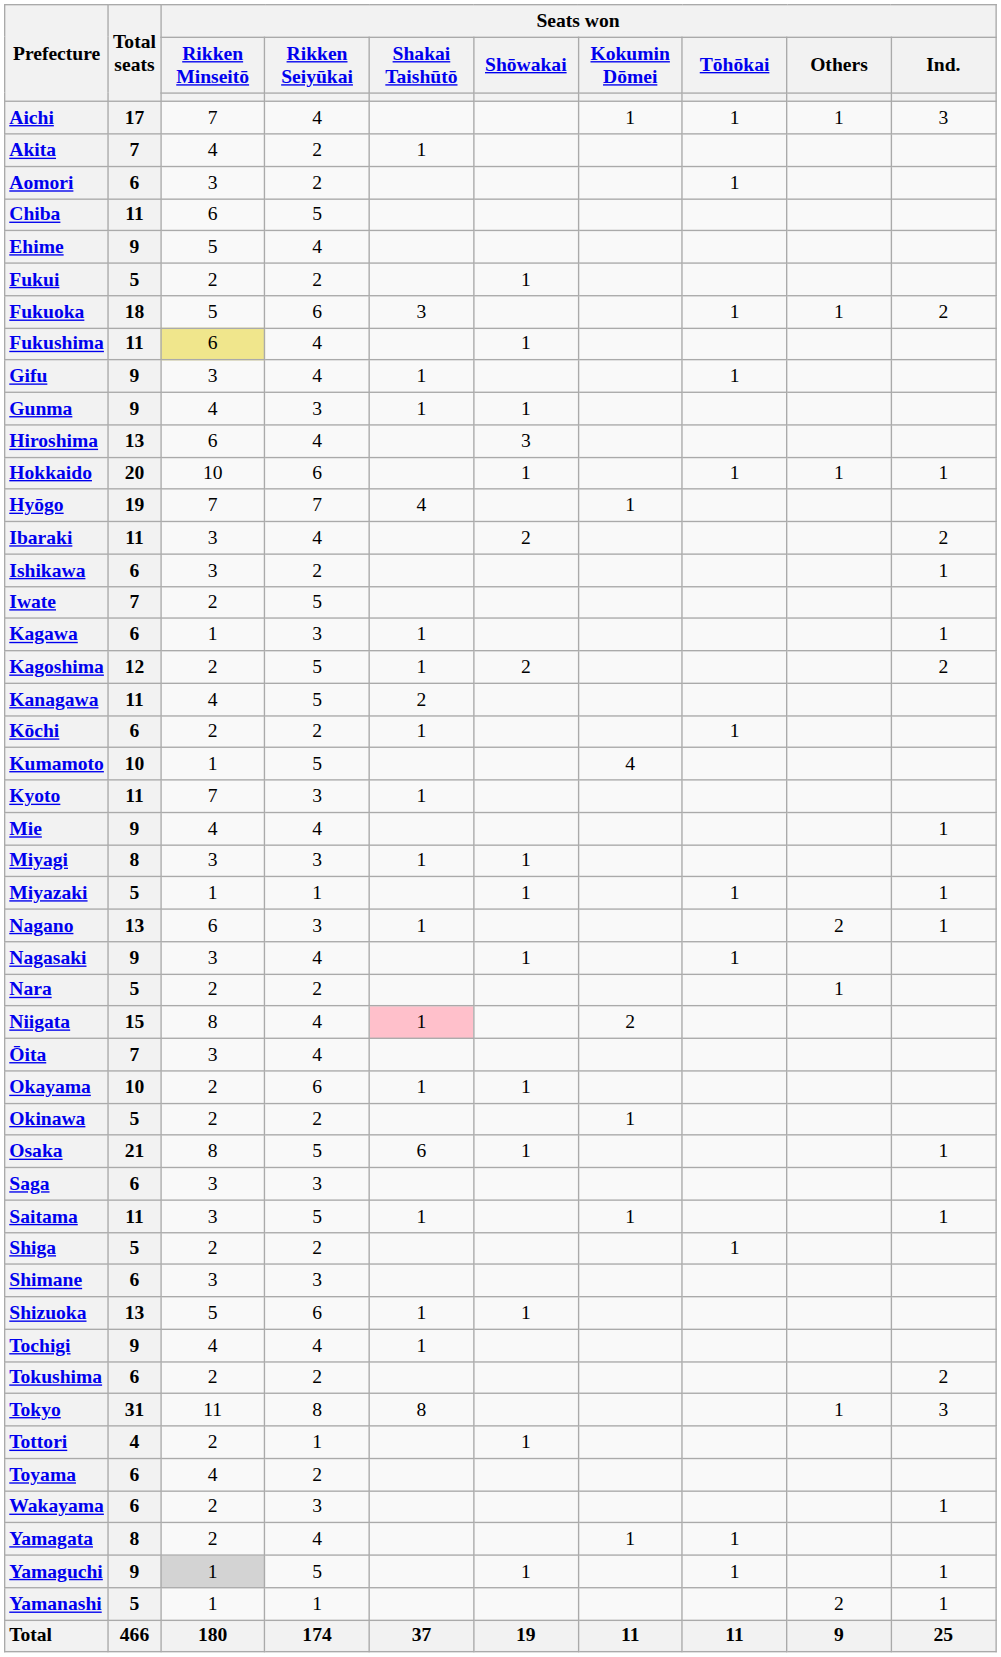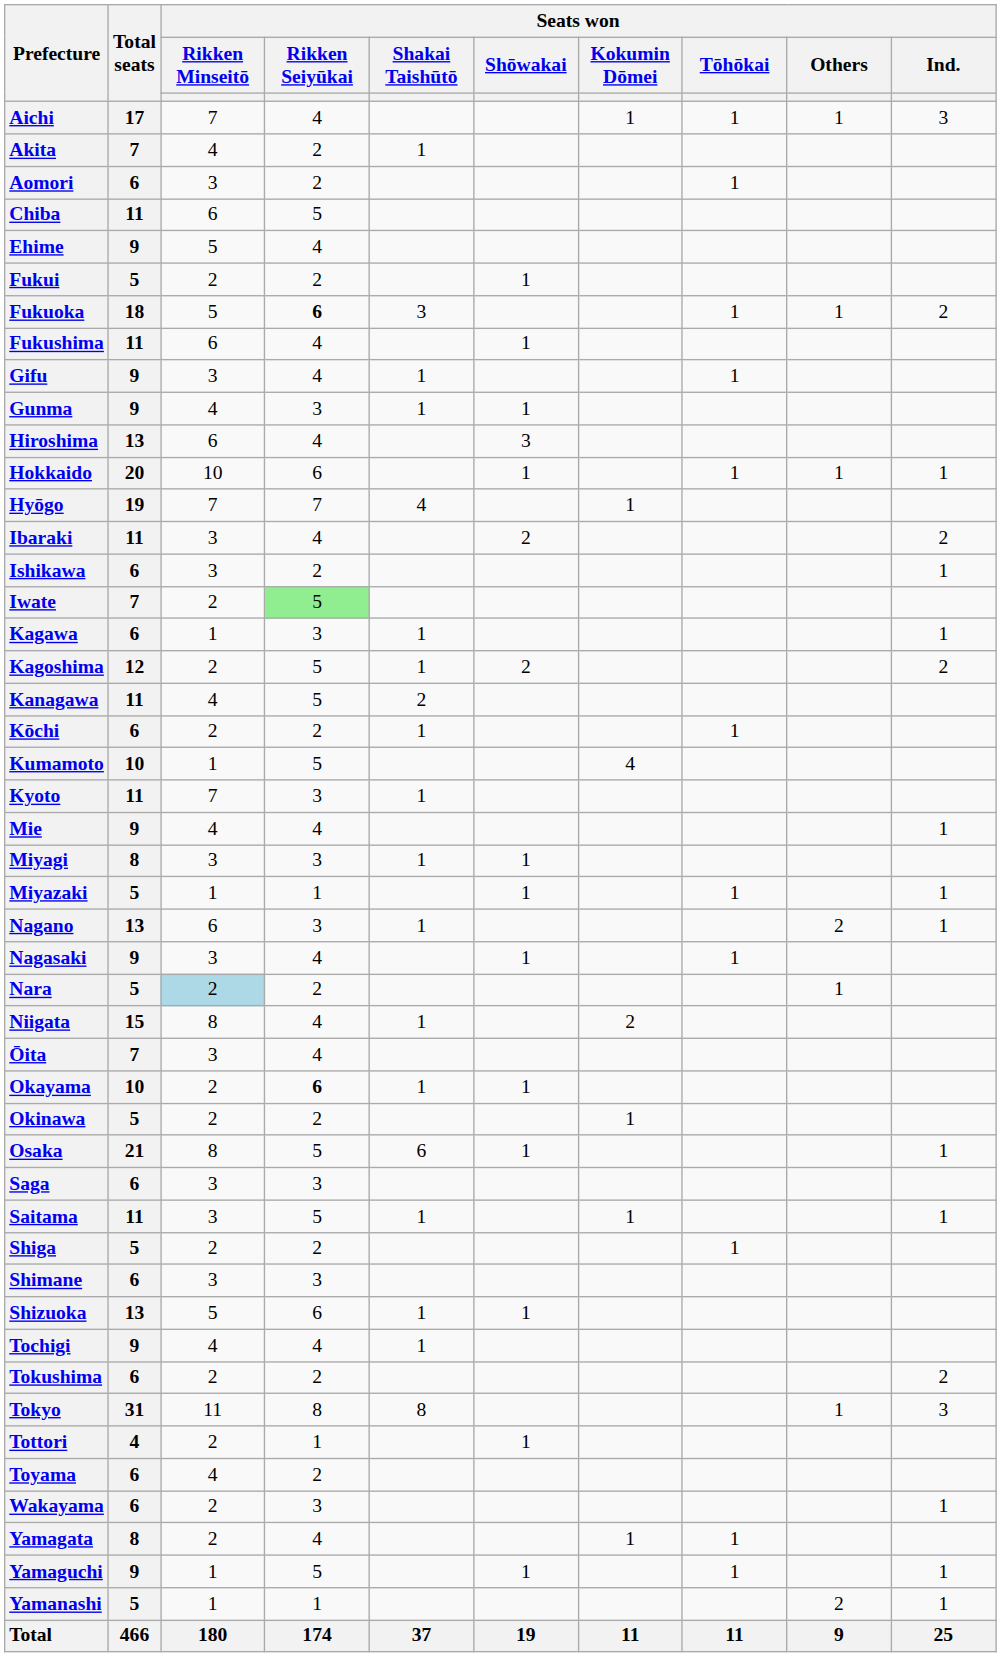 <table class="wikitable" style="text-align:center; font-size: 0.9em;">
 <tr>
 <th rowspan="3">Prefecture</th>
 <th rowspan="3">Total<br>seats</th>
 <th colspan="8">Seats won</th>
 </tr>
 <tr>
 <th class="unsortable" style="width:70px;"><a href='#'>Rikken Minseitō</a></th>
 <th class="unsortable" style="width:70px;"><a href='#'>Rikken Seiyūkai</a></th>
 <th class="unsortable" style="width:70px;"><a href='#'>Shakai Taishūtō</a></th>
 <th class="unsortable" style="width:70px;"><a href='#'>Shōwakai</a></th>
 <th class="unsortable" style="width:70px;"><a href='#'>Kokumin Dōmei</a></th>
 <th class="unsortable" style="width:70px;"><a href='#'>Tōhōkai</a></th>
 <th class="unsortable" style="width:70px;">Others</th>
 <th class="unsortable" style="width:70px;">Ind.</th>
 </tr>
 <tr>
 <th style="background:"></th>
 <th style="background:"></th>
 <th style="background:"></th>
 <th style="background:"></th>
 <th style="background:"></th>
 <th style="background:"></th>
 <th></th>
 <th style="background:"></th>
 </tr>
 <tr>
 <th style="text-align: left;"><a href='#'>Aichi</a></th>
 <th>17</th>
 <td>7</td>
 <td>4</td>
 <td></td>
 <td></td>
 <td>1</td>
 <td>1</td>
 <td>1</td>
 <td>3</td>
 </tr>
 <tr>
 <th style="text-align: left;"><a href='#'>Akita</a></th>
 <th>7</th>
 <td>4</td>
 <td>2</td>
 <td>1</td>
 <td></td>
 <td></td>
 <td></td>
 <td></td>
 <td></td>
 </tr>
 <tr>
 <th style="text-align: left;"><a href='#'>Aomori</a></th>
 <th>6</th>
 <td>3</td>
 <td>2</td>
 <td></td>
 <td></td>
 <td></td>
 <td>1</td>
 <td></td>
 <td></td>
 </tr>
 <tr>
 <th style="text-align: left;"><a href='#'>Chiba</a></th>
 <th>11</th>
 <td>6</td>
 <td>5</td>
 <td></td>
 <td></td>
 <td></td>
 <td></td>
 <td></td>
 <td></td>
 </tr>
 <tr>
 <th style="text-align: left;"><a href='#'>Ehime</a></th>
 <th>9</th>
 <td>5</td>
 <td>4</td>
 <td></td>
 <td></td>
 <td></td>
 <td></td>
 <td></td>
 <td></td>
 </tr>
 <tr>
 <th style="text-align: left;"><a href='#'>Fukui</a></th>
 <th>5</th>
 <td>2</td>
 <td>2</td>
 <td></td>
 <td>1</td>
 <td></td>
 <td></td>
 <td></td>
 <td></td>
 </tr>
 <tr>
 <th style="text-align: left;"><a href='#'>Fukuoka</a></th>
 <th>18</th>
 <td>5</td>
-<td>6</td>
+<td><strong>6</strong></td>
 <td>3</td>
 <td></td>
 <td></td>
 <td>1</td>
 <td>1</td>
 <td>2</td>
 </tr>
 <tr>
 <th style="text-align: left;"><a href='#'>Fukushima</a></th>
 <th>11</th>
-<td style="background: khaki;">6</td>
+<td>6</td>
 <td>4</td>
 <td></td>
 <td>1</td>
 <td></td>
 <td></td>
 <td></td>
 <td></td>
 </tr>
 <tr>
 <th style="text-align: left;"><a href='#'>Gifu</a></th>
 <th>9</th>
 <td>3</td>
 <td>4</td>
 <td>1</td>
 <td></td>
 <td></td>
 <td>1</td>
 <td></td>
 <td></td>
 </tr>
 <tr>
 <th style="text-align: left;"><a href='#'>Gunma</a></th>
 <th>9</th>
 <td>4</td>
 <td>3</td>
 <td>1</td>
 <td>1</td>
 <td></td>
 <td></td>
 <td></td>
 <td></td>
 </tr>
 <tr>
 <th style="text-align: left;"><a href='#'>Hiroshima</a></th>
 <th>13</th>
 <td>6</td>
 <td>4</td>
 <td></td>
 <td>3</td>
 <td></td>
 <td></td>
 <td></td>
 <td></td>
 </tr>
 <tr>
 <th style="text-align: left;"><a href='#'>Hokkaido</a></th>
 <th>20</th>
 <td>10</td>
 <td>6</td>
 <td></td>
 <td>1</td>
 <td></td>
 <td>1</td>
 <td>1</td>
 <td>1</td>
 </tr>
 <tr>
 <th style="text-align: left;"><a href='#'>Hyōgo</a></th>
 <th>19</th>
 <td>7</td>
 <td>7</td>
 <td>4</td>
 <td></td>
 <td>1</td>
 <td></td>
 <td></td>
 <td></td>
 </tr>
 <tr>
 <th style="text-align: left;"><a href='#'>Ibaraki</a></th>
 <th>11</th>
 <td>3</td>
 <td>4</td>
 <td></td>
 <td>2</td>
 <td></td>
 <td></td>
 <td></td>
 <td>2</td>
 </tr>
 <tr>
 <th style="text-align: left;"><a href='#'>Ishikawa</a></th>
 <th>6</th>
 <td>3</td>
 <td>2</td>
 <td></td>
 <td></td>
 <td></td>
 <td></td>
 <td></td>
 <td>1</td>
 </tr>
 <tr>
 <th style="text-align: left;"><a href='#'>Iwate</a></th>
 <th>7</th>
 <td>2</td>
-<td>5</td>
+<td style="background: lightgreen;">5</td>
 <td></td>
 <td></td>
 <td></td>
 <td></td>
 <td></td>
 <td></td>
 </tr>
 <tr>
 <th style="text-align: left;"><a href='#'>Kagawa</a></th>
 <th>6</th>
 <td>1</td>
 <td>3</td>
 <td>1</td>
 <td></td>
 <td></td>
 <td></td>
 <td></td>
 <td>1</td>
 </tr>
 <tr>
 <th style="text-align: left;"><a href='#'>Kagoshima</a></th>
 <th>12</th>
 <td>2</td>
 <td>5</td>
 <td>1</td>
 <td>2</td>
 <td></td>
 <td></td>
 <td></td>
 <td>2</td>
 </tr>
 <tr>
 <th style="text-align: left;"><a href='#'>Kanagawa</a></th>
 <th>11</th>
 <td>4</td>
 <td>5</td>
 <td>2</td>
 <td></td>
 <td></td>
 <td></td>
 <td></td>
 <td></td>
 </tr>
 <tr>
 <th style="text-align: left;"><a href='#'>Kōchi</a></th>
 <th>6</th>
 <td>2</td>
 <td>2</td>
 <td>1</td>
 <td></td>
 <td></td>
 <td>1</td>
 <td></td>
 <td></td>
 </tr>
 <tr>
 <th style="text-align: left;"><a href='#'>Kumamoto</a></th>
 <th>10</th>
 <td>1</td>
 <td>5</td>
 <td></td>
 <td></td>
 <td>4</td>
 <td></td>
 <td></td>
 <td></td>
 </tr>
 <tr>
 <th style="text-align: left;"><a href='#'>Kyoto</a></th>
 <th>11</th>
 <td>7</td>
 <td>3</td>
 <td>1</td>
 <td></td>
 <td></td>
 <td></td>
 <td></td>
 <td></td>
 </tr>
 <tr>
 <th style="text-align: left;"><a href='#'>Mie</a></th>
 <th>9</th>
 <td>4</td>
 <td>4</td>
 <td></td>
 <td></td>
 <td></td>
 <td></td>
 <td></td>
 <td>1</td>
 </tr>
 <tr>
 <th style="text-align: left;"><a href='#'>Miyagi</a></th>
 <th>8</th>
 <td>3</td>
 <td>3</td>
 <td>1</td>
 <td>1</td>
 <td></td>
 <td></td>
 <td></td>
 <td></td>
 </tr>
 <tr>
 <th style="text-align: left;"><a href='#'>Miyazaki</a></th>
 <th>5</th>
 <td>1</td>
 <td>1</td>
 <td></td>
 <td>1</td>
 <td></td>
 <td>1</td>
 <td></td>
 <td>1</td>
 </tr>
 <tr>
 <th style="text-align: left;"><a href='#'>Nagano</a></th>
 <th>13</th>
 <td>6</td>
 <td>3</td>
 <td>1</td>
 <td></td>
 <td></td>
 <td></td>
 <td>2</td>
 <td>1</td>
 </tr>
 <tr>
 <th style="text-align: left;"><a href='#'>Nagasaki</a></th>
 <th>9</th>
 <td>3</td>
 <td>4</td>
 <td></td>
 <td>1</td>
 <td></td>
 <td>1</td>
 <td></td>
 <td></td>
 </tr>
 <tr>
 <th style="text-align: left;"><a href='#'>Nara</a></th>
 <th>5</th>
-<td>2</td>
+<td style="background: lightblue;">2</td>
 <td>2</td>
 <td></td>
 <td></td>
 <td></td>
 <td></td>
 <td>1</td>
 <td></td>
 </tr>
 <tr>
 <th style="text-align: left;"><a href='#'>Niigata</a></th>
 <th>15</th>
 <td>8</td>
 <td>4</td>
-<td style="background: pink;">1</td>
+<td>1</td>
 <td></td>
 <td>2</td>
 <td></td>
 <td></td>
 <td></td>
 </tr>
 <tr>
 <th style="text-align: left;"><a href='#'>Ōita</a></th>
 <th>7</th>
 <td>3</td>
 <td>4</td>
 <td></td>
 <td></td>
 <td></td>
 <td></td>
 <td></td>
 <td></td>
 </tr>
 <tr>
 <th style="text-align: left;"><a href='#'>Okayama</a></th>
 <th>10</th>
 <td>2</td>
-<td>6</td>
+<td><strong>6</strong></td>
 <td>1</td>
 <td>1</td>
 <td></td>
 <td></td>
 <td></td>
 <td></td>
 </tr>
 <tr>
 <th style="text-align: left;"><a href='#'>Okinawa</a></th>
 <th>5</th>
 <td>2</td>
 <td>2</td>
 <td></td>
 <td></td>
 <td>1</td>
 <td></td>
 <td></td>
 <td></td>
 </tr>
 <tr>
 <th style="text-align: left;"><a href='#'>Osaka</a></th>
 <th>21</th>
 <td>8</td>
 <td>5</td>
 <td>6</td>
 <td>1</td>
 <td></td>
 <td></td>
 <td></td>
 <td>1</td>
 </tr>
 <tr>
 <th style="text-align: left;"><a href='#'>Saga</a></th>
 <th>6</th>
 <td>3</td>
 <td>3</td>
 <td></td>
 <td></td>
 <td></td>
 <td></td>
 <td></td>
 <td></td>
 </tr>
 <tr>
 <th style="text-align: left;"><a href='#'>Saitama</a></th>
 <th>11</th>
 <td>3</td>
 <td>5</td>
 <td>1</td>
 <td></td>
 <td>1</td>
 <td></td>
 <td></td>
 <td>1</td>
 </tr>
 <tr>
 <th style="text-align: left;"><a href='#'>Shiga</a></th>
 <th>5</th>
 <td>2</td>
 <td>2</td>
 <td></td>
 <td></td>
 <td></td>
 <td>1</td>
 <td></td>
 <td></td>
 </tr>
 <tr>
 <th style="text-align: left;"><a href='#'>Shimane</a></th>
 <th>6</th>
 <td>3</td>
 <td>3</td>
 <td></td>
 <td></td>
 <td></td>
 <td></td>
 <td></td>
 <td></td>
 </tr>
 <tr>
 <th style="text-align: left;"><a href='#'>Shizuoka</a></th>
 <th>13</th>
 <td>5</td>
 <td>6</td>
 <td>1</td>
 <td>1</td>
 <td></td>
 <td></td>
 <td></td>
 <td></td>
 </tr>
 <tr>
 <th style="text-align: left;"><a href='#'>Tochigi</a></th>
 <th>9</th>
 <td>4</td>
 <td>4</td>
 <td>1</td>
 <td></td>
 <td></td>
 <td></td>
 <td></td>
 <td></td>
 </tr>
 <tr>
 <th style="text-align: left;"><a href='#'>Tokushima</a></th>
 <th>6</th>
 <td>2</td>
 <td>2</td>
 <td></td>
 <td></td>
 <td></td>
 <td></td>
 <td></td>
 <td>2</td>
 </tr>
 <tr>
 <th style="text-align: left;"><a href='#'>Tokyo</a></th>
 <th>31</th>
 <td>11</td>
 <td>8</td>
 <td>8</td>
 <td></td>
 <td></td>
 <td></td>
 <td>1</td>
 <td>3</td>
 </tr>
 <tr>
 <th style="text-align: left;"><a href='#'>Tottori</a></th>
 <th>4</th>
 <td>2</td>
 <td>1</td>
 <td></td>
 <td>1</td>
 <td></td>
 <td></td>
 <td></td>
 <td></td>
 </tr>
 <tr>
 <th style="text-align: left;"><a href='#'>Toyama</a></th>
 <th>6</th>
 <td>4</td>
 <td>2</td>
 <td></td>
 <td></td>
 <td></td>
 <td></td>
 <td></td>
 <td></td>
 </tr>
 <tr>
 <th style="text-align: left;"><a href='#'>Wakayama</a></th>
 <th>6</th>
 <td>2</td>
 <td>3</td>
 <td></td>
 <td></td>
 <td></td>
 <td></td>
 <td></td>
 <td>1</td>
 </tr>
 <tr>
 <th style="text-align: left;"><a href='#'>Yamagata</a></th>
 <th>8</th>
 <td>2</td>
 <td>4</td>
 <td></td>
 <td></td>
 <td>1</td>
 <td>1</td>
 <td></td>
 <td></td>
 </tr>
 <tr>
 <th style="text-align: left;"><a href='#'>Yamaguchi</a></th>
 <th>9</th>
-<td style="background: lightgrey;">1</td>
+<td>1</td>
 <td>5</td>
 <td></td>
 <td>1</td>
 <td></td>
 <td>1</td>
 <td></td>
 <td>1</td>
 </tr>
 <tr>
 <th style="text-align: left;"><a href='#'>Yamanashi</a></th>
 <th>5</th>
 <td>1</td>
 <td>1</td>
 <td></td>
 <td></td>
 <td></td>
 <td></td>
 <td>2</td>
 <td>1</td>
 </tr>
 <tr class="sortbottom">
 <th style="text-align: left;">Total</th>
 <th>466</th>
 <th>180</th>
 <th>174</th>
 <th>37</th>
 <th>19</th>
 <th>11</th>
 <th>11</th>
 <th>9</th>
 <th>25</th>
 </tr>
 </table>
